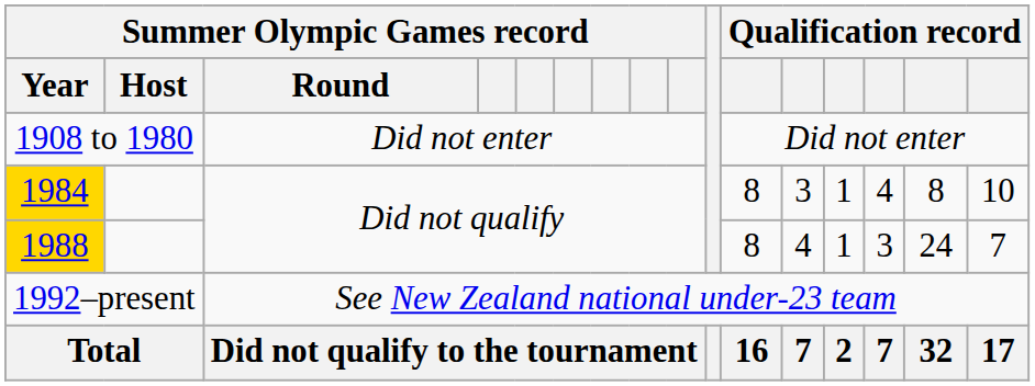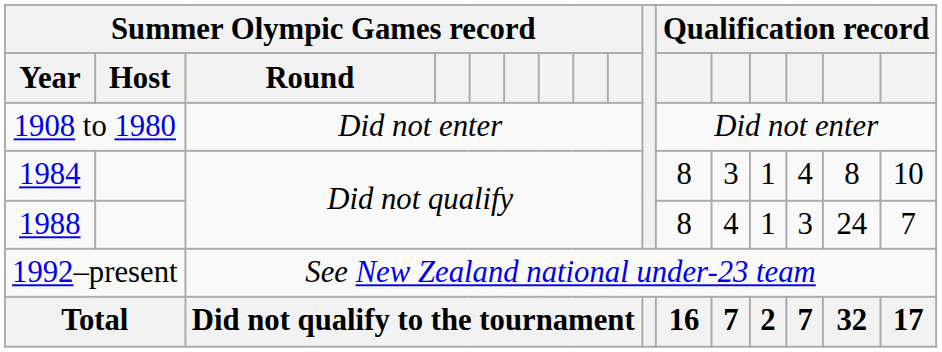 <table class="wikitable" style="text-align: center;font-size:100%;">
 <tr>
 <th colspan="9">Summer Olympic Games record</th>
 <th rowspan="5"></th>
 <th colspan="6">Qualification record</th>
 </tr>
 <tr>
 <th scope="col">Year</th>
 <th scope="col">Host</th>
 <th scope="col">Round</th>
 <th scope="col"></th>
 <th scope="col"></th>
 <th scope="col"></th>
 <th scope="col"></th>
 <th scope="col"></th>
 <th scope="col"></th>
 <th scope="col"></th>
 <th scope="col"></th>
 <th scope="col"></th>
 <th scope="col"></th>
 <th scope="col"></th>
 <th scope="col"></th>
 </tr>
 <tr>
 <td colspan="2"><a href='#'>1908</a> to <a href='#'>1980</a></td>
 <td colspan="8"><em>Did not enter</em></td>
 <td colspan="6"><em>Did not enter</em></td>
 </tr>
 <tr>
-<td style="background: gold;"><a href='#'>1984</a></td>
+<td><a href='#'>1984</a></td>
 <td align=left></td>
 <td colspan="8" rowspan="2"><em>Did not qualify</em></td>
 <td>8</td>
 <td>3</td>
 <td>1</td>
 <td>4</td>
 <td>8</td>
 <td>10</td>
 </tr>
 <tr>
-<td style="background: gold;"><a href='#'>1988</a></td>
+<td><a href='#'>1988</a></td>
 <td align=left></td>
 <td>8</td>
 <td>4</td>
 <td>1</td>
 <td>3</td>
 <td>24</td>
 <td>7</td>
 </tr>
 <tr>
 <td colspan="2"><a href='#'>1992</a>–present</td>
 <td colspan="14"><em>See <a href='#'>New Zealand national under-23 team</a></em></td>
 </tr>
 <tr>
 <th colspan="2">Total</th>
 <th colspan="7">Did not qualify to the tournament</th>
 <th></th>
 <th>16</th>
 <th>7</th>
 <th>2</th>
 <th>7</th>
 <th>32</th>
 <th>17</th>
 </tr>
 </table>
